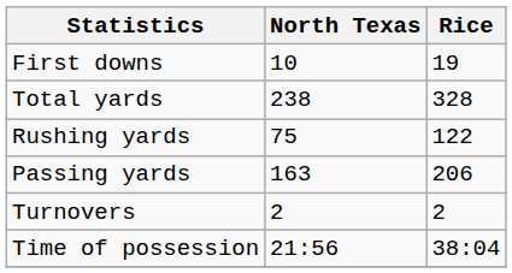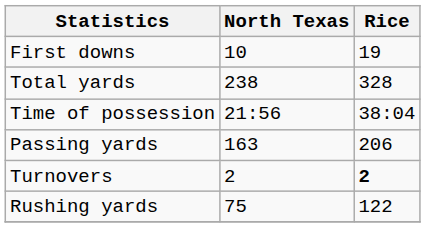 <table class="wikitable" style="float: right;">
 <tr>
 <th>Statistics</th>
 <th>North Texas</th>
 <th>Rice</th>
 </tr>
 <tr>
 <td>First downs</td>
 <td>10</td>
 <td>19</td>
 </tr>
 <tr>
 <td>Total yards</td>
 <td>238</td>
 <td>328</td>
 </tr>
 <tr>
-<td>Rushing yards</td>
-<td>75</td>
-<td>122</td>
+<td>Time of possession</td>
+<td>21:56</td>
+<td>38:04</td>
 </tr>
 <tr>
 <td>Passing yards</td>
 <td>163</td>
 <td>206</td>
 </tr>
 <tr>
 <td>Turnovers</td>
 <td>2</td>
-<td>2</td>
+<td><strong>2</strong></td>
 </tr>
 <tr>
-<td>Time of possession</td>
-<td>21:56</td>
-<td>38:04</td>
+<td>Rushing yards</td>
+<td>75</td>
+<td>122</td>
 </tr>
 <tr>
 </tr>
 </table>
